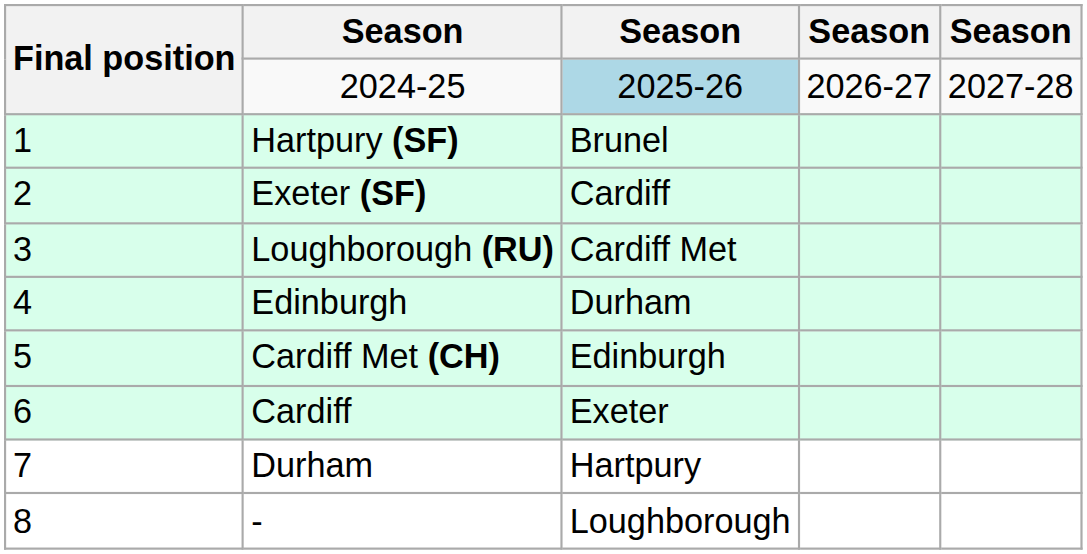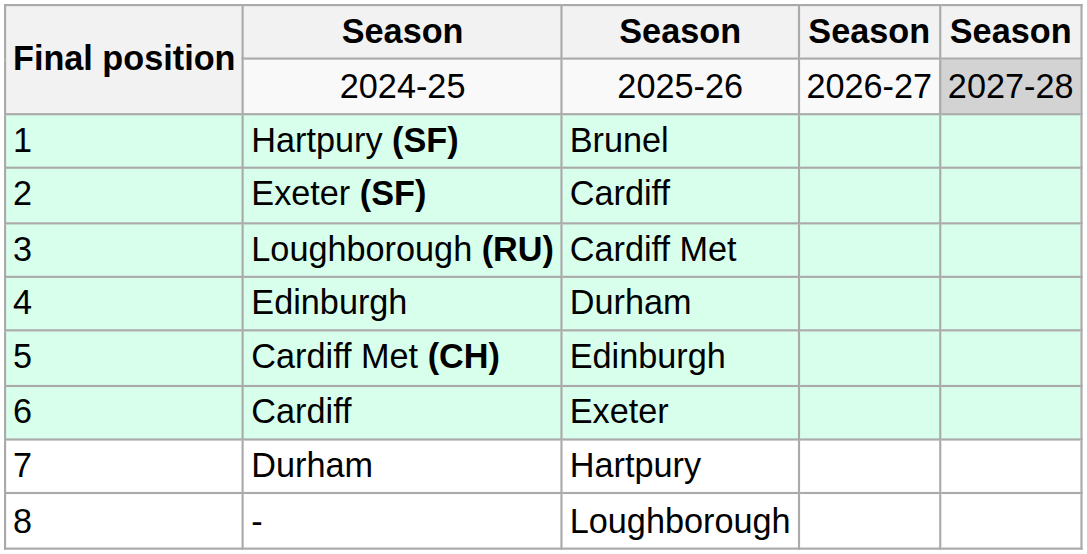 <table class="wikitable">
 <tr>
 <th rowspan="2" style="text-align:center;">Final position</th>
 <th style="text-align:center;">Season</th>
 <th>Season</th>
 <th>Season</th>
 <th>Season</th>
 </tr>
 <tr style="text-align:center;">
 <td>2024-25</td>
-<td style="background: lightblue;">2025-26</td>
+<td>2025-26</td>
 <td>2026-27</td>
-<td>2027-28</td>
+<td style="background: lightgrey;">2027-28</td>
 </tr>
 <tr style="background-color:#d8ffeb;">
 <td>1</td>
 <td>Hartpury <strong>(SF)</strong></td>
 <td>Brunel</td>
 <td></td>
 <td></td>
 </tr>
 <tr style="background-color:#d8ffeb;">
 <td>2</td>
 <td>Exeter <strong>(SF)</strong></td>
 <td>Cardiff</td>
 <td></td>
 <td></td>
 </tr>
 <tr style="background-color:#d8ffeb;">
 <td>3</td>
 <td>Loughborough <strong>(RU)</strong></td>
 <td>Cardiff Met</td>
 <td></td>
 <td></td>
 </tr>
 <tr style="background-color:#d8ffeb;">
 <td>4</td>
 <td>Edinburgh</td>
 <td>Durham</td>
 <td></td>
 <td></td>
 </tr>
 <tr style="background-color:#d8ffeb;">
 <td>5</td>
 <td>Cardiff Met <strong>(CH)</strong></td>
 <td>Edinburgh</td>
 <td></td>
 <td></td>
 </tr>
 <tr style="background-color:#d8ffeb;">
 <td>6</td>
 <td>Cardiff</td>
 <td>Exeter</td>
 <td></td>
 <td></td>
 </tr>
 <tr style="background-color:#ffffff;">
 <td>7</td>
 <td>Durham</td>
 <td>Hartpury</td>
 <td></td>
 <td></td>
 </tr>
 <tr style="background-color:#ffffff;">
 <td>8</td>
 <td>-</td>
 <td>Loughborough</td>
 <td></td>
 <td></td>
 </tr>
 </table>
